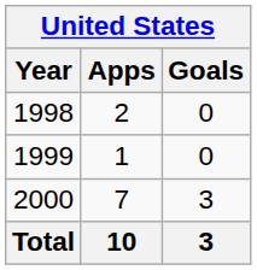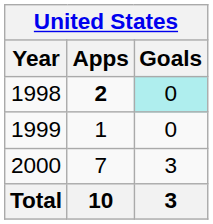 <table class="wikitable" style="text-align:center">
 <tr>
 <th colspan=3><a href='#'>United States</a></th>
 </tr>
 <tr>
 <th>Year</th>
 <th>Apps</th>
 <th>Goals</th>
 </tr>
 <tr>
 <td>1998</td>
-<td>2</td>
-<td>0</td>
+<td><strong>2</strong></td>
+<td style="background: paleturquoise;">0</td>
 </tr>
 <tr>
 <td>1999</td>
 <td>1</td>
 <td>0</td>
 </tr>
 <tr>
 <td>2000</td>
 <td>7</td>
 <td>3</td>
 </tr>
 <tr>
 <th>Total</th>
 <th>10</th>
 <th>3</th>
 </tr>
 </table>
